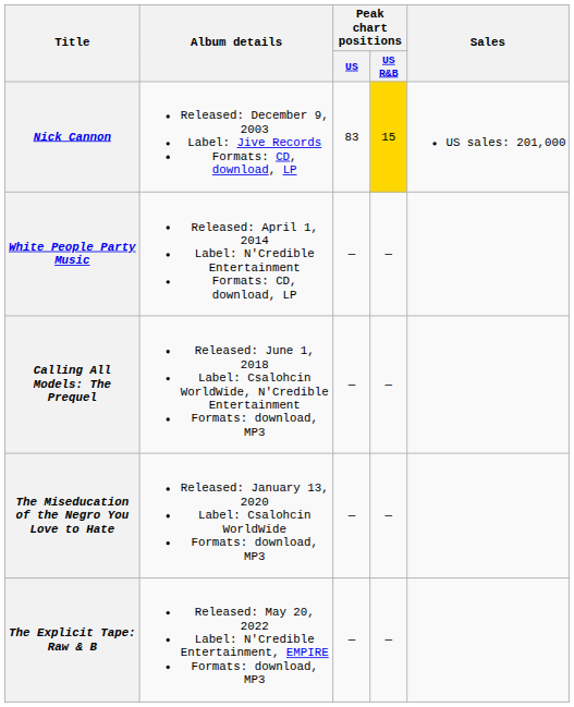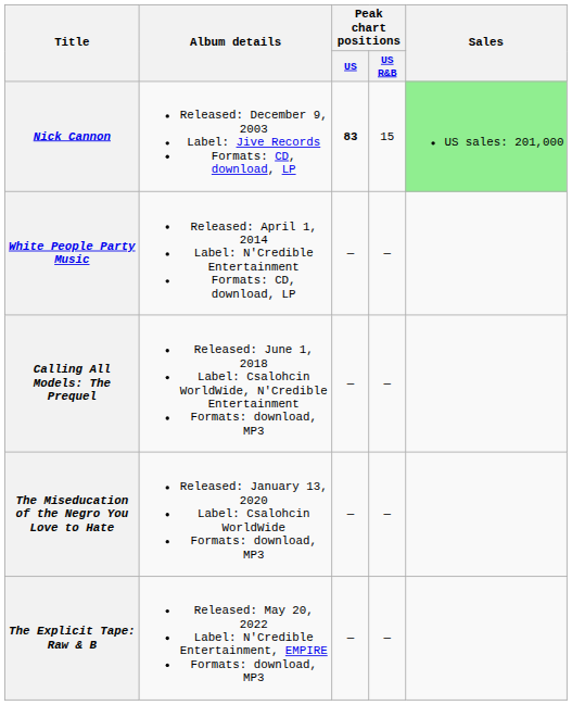 <table class="wikitable plainrowheaders" style="text-align:center;">
 <tr>
 <th scope="col" rowspan="2" style="width:11em;">Title</th>
 <th scope="col" rowspan="2" style="width:16em;">Album details</th>
 <th scope="col" colspan="2">Peak chart positions</th>
 <th scope="col" rowspan="2">Sales</th>
 </tr>
 <tr>
 <th style="width:3em;font-size:90%;"><a href='#'>US</a><br></th>
 <th style="width:3em;font-size:90%;"><a href='#'>US R&B</a><br></th>
 </tr>
 <tr>
 <th scope="row"><em><a href='#'>Nick Cannon</a></em></th>
 <td><br><ul><li>Released: December 9, 2003</li><li>Label: <a href='#'>Jive Records</a></li><li>Formats: <a href='#'>CD</a>, <a href='#'>download</a>, <a href='#'>LP</a></li></ul></td>
-<td>83</td>
-<td style="background: gold;">15</td>
-<td><br><ul><li>US sales: 201,000</li></ul></td>
+<td><strong>83</strong></td>
+<td>15</td>
+<td style="background: lightgreen;"><br><ul><li>US sales: 201,000</li></ul></td>
 </tr>
 <tr>
 <th scope="row"><em><a href='#'>White People Party Music</a></em></th>
 <td><br><ul><li>Released: April 1, 2014</li><li>Label: N'Credible Entertainment</li><li>Formats: CD, download, LP</li></ul></td>
 <td>—</td>
 <td>—</td>
 <td></td>
 </tr>
 <tr>
 <th scope=row><em>Calling All Models: The Prequel</em></th>
 <td><br><ul><li>Released: June 1, 2018</li><li>Label: Csalohcin WorldWide, N'Credible Entertainment</li><li>Formats: download, MP3</li></ul></td>
 <td>—</td>
 <td>—</td>
 <td></td>
 </tr>
 <tr>
 <th scope=row><em>The Miseducation of the Negro You Love to Hate</em></th>
 <td><br><ul><li>Released: January 13, 2020</li><li>Label: Csalohcin WorldWide</li><li>Formats: download, MP3</li></ul></td>
 <td>—</td>
 <td>—</td>
 <td></td>
 </tr>
 <tr>
 <th scope=row><em>The Explicit Tape: Raw & B</em></th>
 <td><br><ul><li>Released: May 20, 2022</li><li>Label: N'Credible Entertainment, <a href='#'>EMPIRE</a></li><li>Formats: download, MP3</li></ul></td>
 <td>—</td>
 <td>—</td>
 <td></td>
 </tr>
 </table>
